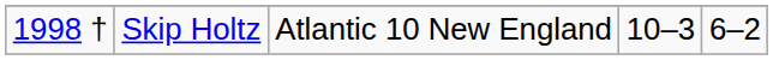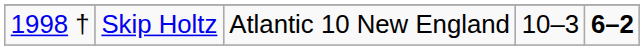 <table class="wikitable">
 <tr>
 </tr>
 <tr>
 <td><a href='#'>1998</a> †</td>
 <td><a href='#'>Skip Holtz</a></td>
 <td>Atlantic 10 New England</td>
 <td>10–3</td>
-<td>6–2</td>
+<td><strong>6–2</strong></td>
 </tr>
 </table>
